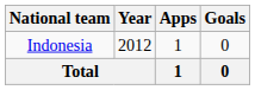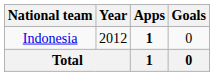 <table class=wikitable style=text-align:center>
 <tr>
 <th>National team</th>
 <th>Year</th>
 <th>Apps</th>
 <th>Goals</th>
 </tr>
 <tr>
 <td><a href='#'>Indonesia</a></td>
 <td>2012</td>
-<td>1</td>
+<td><strong>1</strong></td>
 <td>0</td>
 </tr>
 <tr>
 <th colspan=2>Total</th>
 <th>1</th>
 <th>0</th>
 </tr>
 </table>
